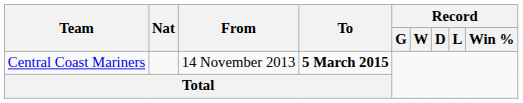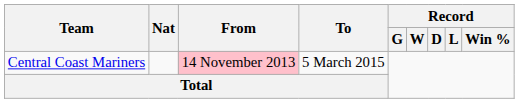 <table class="wikitable" style="text-align: center">
 <tr>
 <th rowspan="2">Team</th>
 <th rowspan="2">Nat</th>
 <th rowspan="2">From</th>
 <th rowspan="2">To</th>
 <th colspan="5">Record</th>
 </tr>
 <tr>
 <th>G</th>
 <th>W</th>
 <th>D</th>
 <th>L</th>
 <th>Win %</th>
 </tr>
 <tr>
 <td align=left><a href='#'>Central Coast Mariners</a></td>
 <td></td>
-<td align=left>14 November 2013</td>
-<td align=left><strong>5 March 2015<br></strong></td>
+<td align=left style="background: pink;">14 November 2013</td>
+<td align=left>5 March 2015<br></td>
 </tr>
 <tr>
 <th colspan="4">Total<br></th>
 </tr>
 </table>
